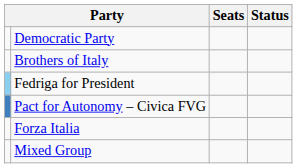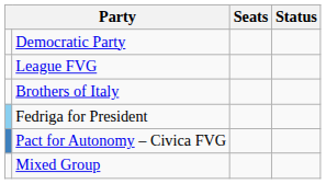 <table class=wikitable>
 <tr>
 <th colspan=2>Party</th>
 <th>Seats</th>
 <th>Status</th>
 </tr>
 <tr>
 <td style="color:inherit;background:"></td>
 <td><a href='#'>Democratic Party</a></td>
+<td></td>
+<td></td>
+</tr>
+<tr>
+<td style="color:inherit;background:"></td>
+<td><a href='#'>League FVG</a></td>
 <td></td>
 <td></td>
 </tr>
 <tr>
 <td style="color:inherit;background:"></td>
 <td><a href='#'>Brothers of Italy</a></td>
 <td></td>
 <td></td>
 </tr>
 <tr>
 <td bgcolor="	#89CFF0"></td>
 <td>Fedriga for President</td>
 <td></td>
 <td></td>
 </tr>
 <tr>
 <td style="color:inherit;background:#3E80BD"></td>
 <td><a href='#'>Pact for Autonomy</a> – Civica FVG</td>
 <td></td>
 <td></td>
 </tr>
 <tr>
-<td style="color:inherit;background:"></td>
-<td><a href='#'>Forza Italia</a></td>
-<td></td>
-<td></td>
-</tr>
-<tr>
 <td></td>
 <td><a href='#'>Mixed Group</a></td>
 <td></td>
 <td></td>
 </tr>
 </table>
